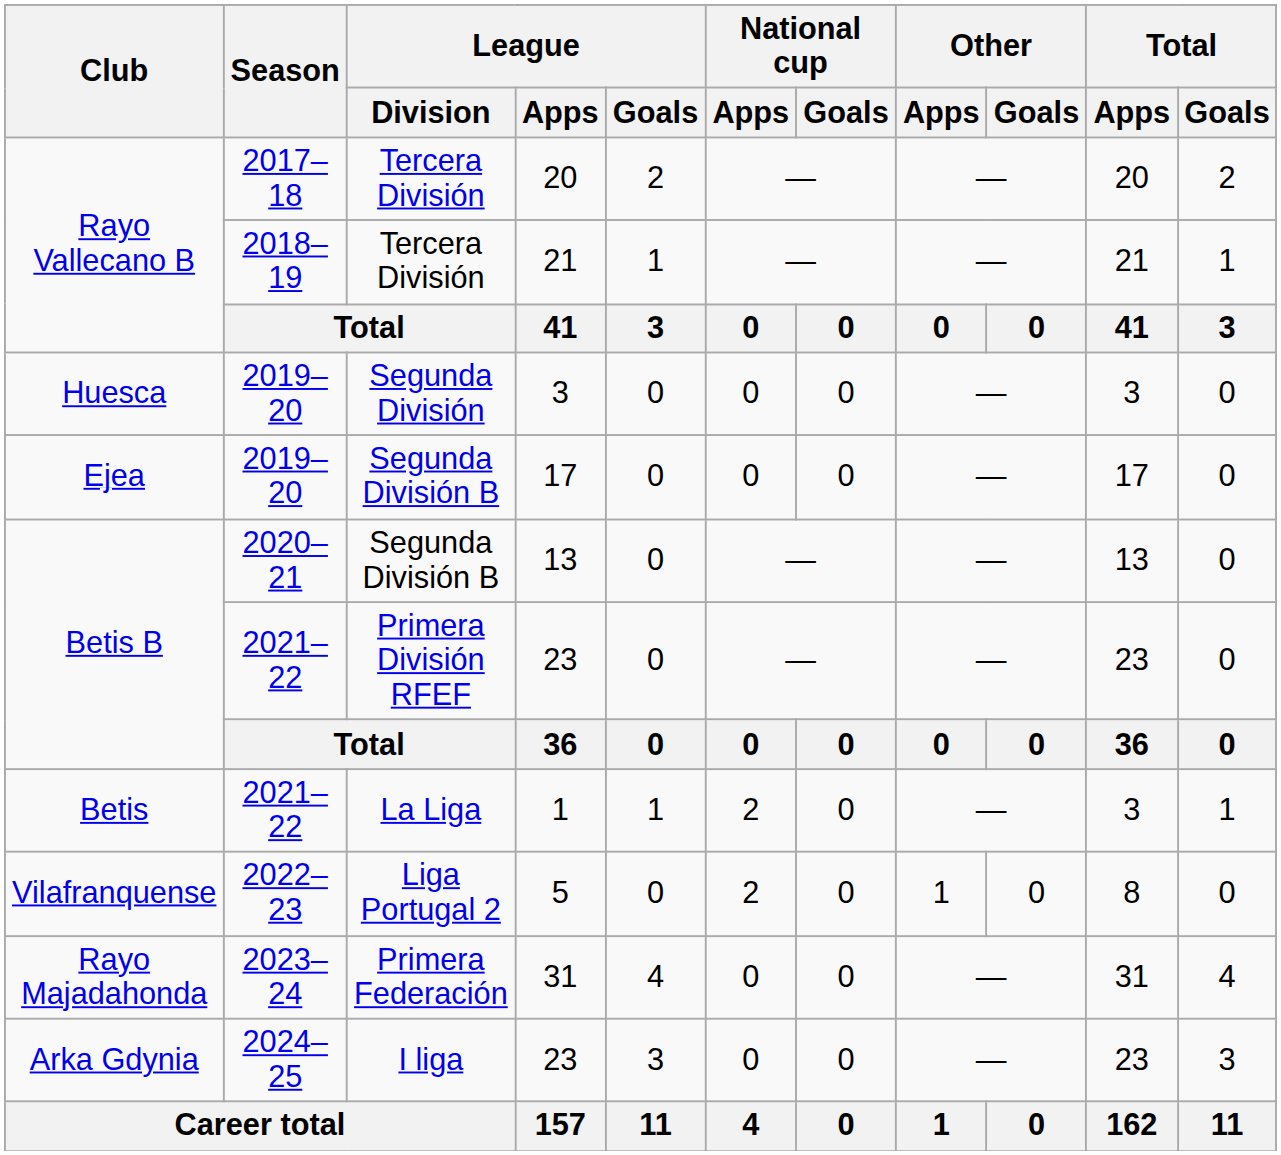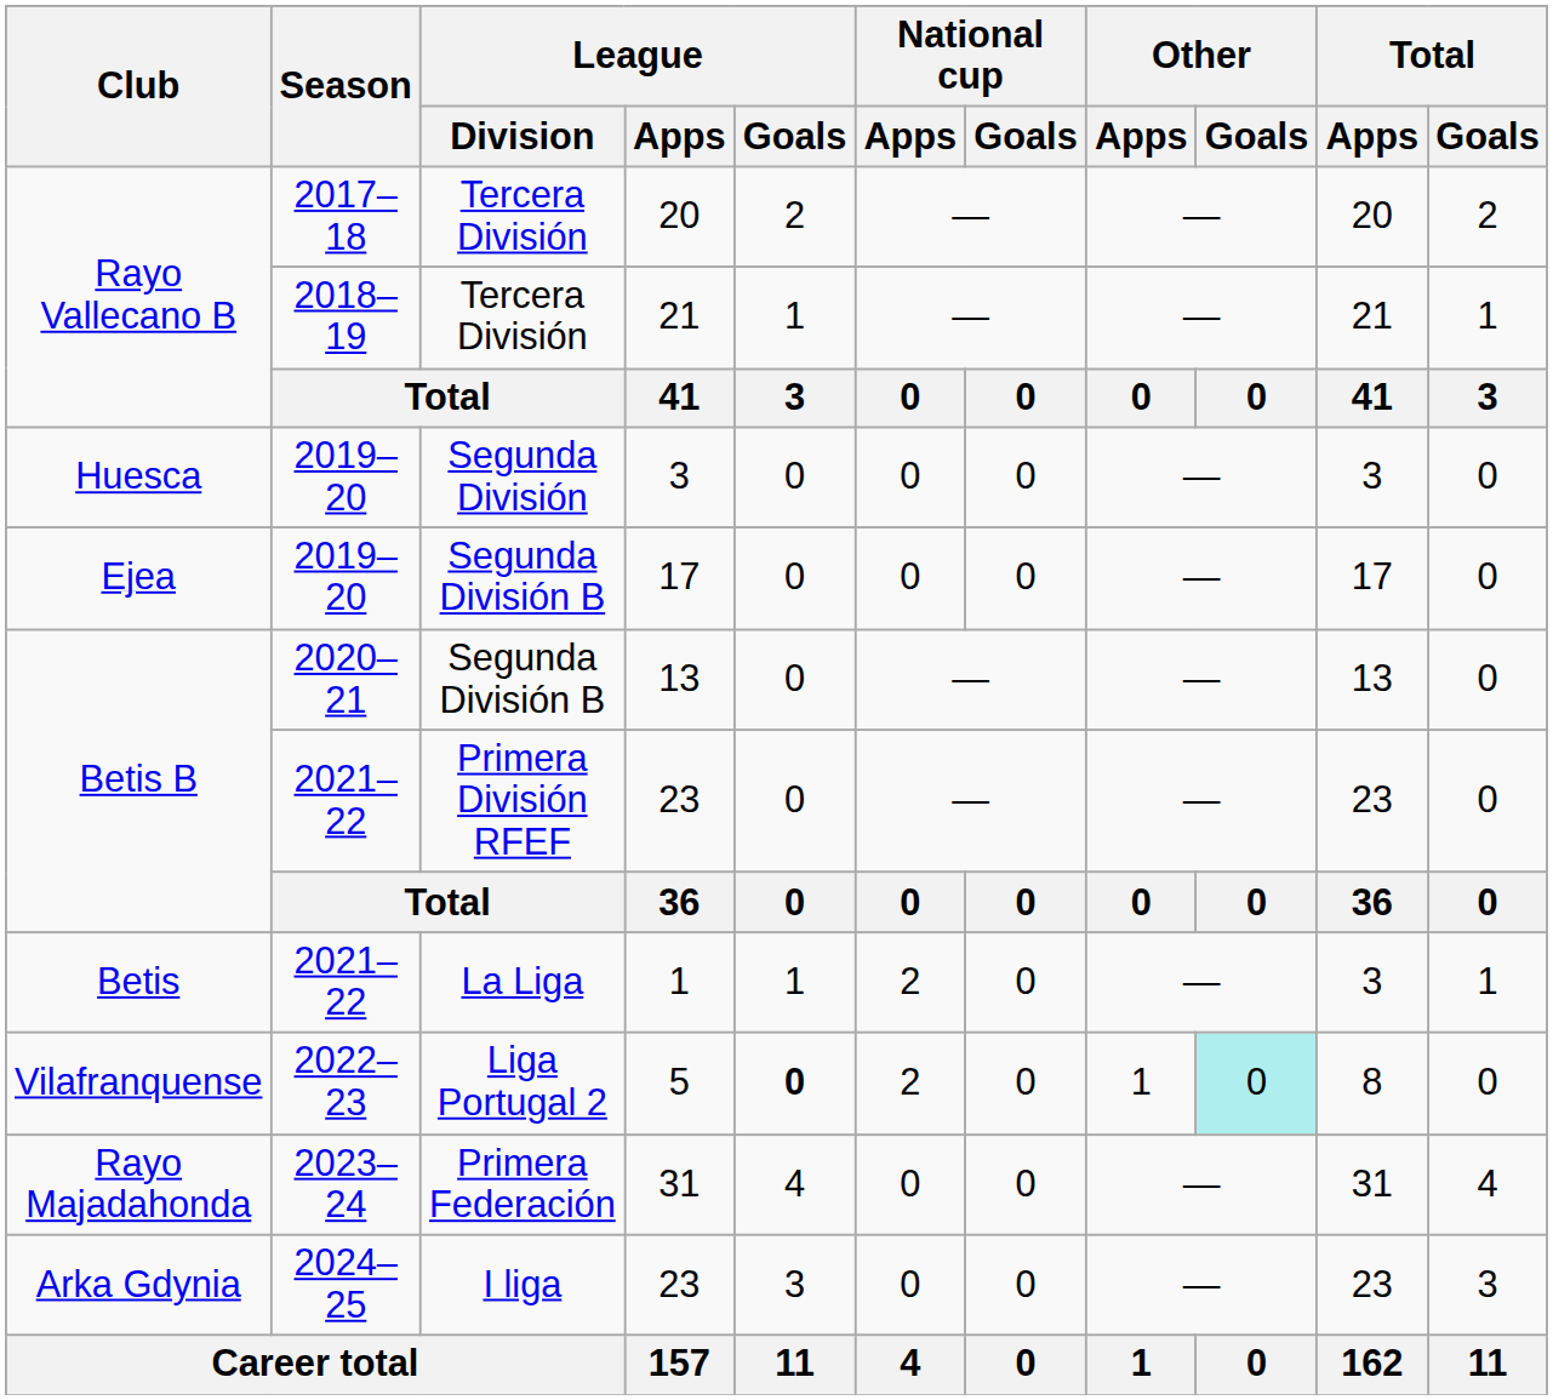 <table class="wikitable" style="text-align:center">
 <tr>
 <th rowspan="2">Club</th>
 <th rowspan="2">Season</th>
 <th colspan="3">League</th>
 <th colspan="2">National cup</th>
 <th colspan="2">Other</th>
 <th colspan="2">Total</th>
 </tr>
 <tr>
 <th>Division</th>
 <th>Apps</th>
 <th>Goals</th>
 <th>Apps</th>
 <th>Goals</th>
 <th>Apps</th>
 <th>Goals</th>
 <th>Apps</th>
 <th>Goals</th>
 </tr>
 <tr>
 <td rowspan="3"><a href='#'>Rayo Vallecano B</a></td>
 <td><a href='#'>2017–18</a></td>
 <td><a href='#'>Tercera División</a></td>
 <td>20</td>
 <td>2</td>
 <td colspan="2">—</td>
 <td colspan="2">—</td>
 <td>20</td>
 <td>2</td>
 </tr>
 <tr>
 <td><a href='#'>2018–19</a></td>
 <td>Tercera División</td>
 <td>21</td>
 <td>1</td>
 <td colspan="2">—</td>
 <td colspan="2">—</td>
 <td>21</td>
 <td>1</td>
 </tr>
 <tr>
 <th colspan="2">Total</th>
 <th>41</th>
 <th>3</th>
 <th>0</th>
 <th>0</th>
 <th>0</th>
 <th>0</th>
 <th>41</th>
 <th>3</th>
 </tr>
 <tr>
 <td><a href='#'>Huesca</a></td>
 <td><a href='#'>2019–20</a></td>
 <td><a href='#'>Segunda División</a></td>
 <td>3</td>
 <td>0</td>
 <td>0</td>
 <td>0</td>
 <td colspan="2">—</td>
 <td>3</td>
 <td>0</td>
 </tr>
 <tr>
 <td><a href='#'>Ejea</a></td>
 <td><a href='#'>2019–20</a></td>
 <td><a href='#'>Segunda División B</a></td>
 <td>17</td>
 <td>0</td>
 <td>0</td>
 <td>0</td>
 <td colspan="2">—</td>
 <td>17</td>
 <td>0</td>
 </tr>
 <tr>
 <td rowspan="3"><a href='#'>Betis B</a></td>
 <td><a href='#'>2020–21</a></td>
 <td>Segunda División B</td>
 <td>13</td>
 <td>0</td>
 <td colspan="2">—</td>
 <td colspan="2">—</td>
 <td>13</td>
 <td>0</td>
 </tr>
 <tr>
 <td><a href='#'>2021–22</a></td>
 <td><a href='#'>Primera División RFEF</a></td>
 <td>23</td>
 <td>0</td>
 <td colspan="2">—</td>
 <td colspan="2">—</td>
 <td>23</td>
 <td>0</td>
 </tr>
 <tr>
 <th colspan="2">Total</th>
 <th>36</th>
 <th>0</th>
 <th>0</th>
 <th>0</th>
 <th>0</th>
 <th>0</th>
 <th>36</th>
 <th>0</th>
 </tr>
 <tr>
 <td><a href='#'>Betis</a></td>
 <td><a href='#'>2021–22</a></td>
 <td><a href='#'>La Liga</a></td>
 <td>1</td>
 <td>1</td>
 <td>2</td>
 <td>0</td>
 <td colspan="2">—</td>
 <td>3</td>
 <td>1</td>
 </tr>
 <tr>
 <td><a href='#'>Vilafranquense</a></td>
 <td><a href='#'>2022–23</a></td>
 <td><a href='#'>Liga Portugal 2</a></td>
 <td>5</td>
-<td>0</td>
+<td><strong>0</strong></td>
 <td>2</td>
 <td>0</td>
 <td>1</td>
-<td>0</td>
+<td style="background: paleturquoise;">0</td>
 <td>8</td>
 <td>0</td>
 </tr>
 <tr>
 <td><a href='#'>Rayo Majadahonda</a></td>
 <td><a href='#'>2023–24</a></td>
 <td><a href='#'>Primera Federación</a></td>
 <td>31</td>
 <td>4</td>
 <td>0</td>
 <td>0</td>
 <td colspan="2">—</td>
 <td>31</td>
 <td>4</td>
 </tr>
 <tr>
 <td><a href='#'>Arka Gdynia</a></td>
 <td><a href='#'>2024–25</a></td>
 <td><a href='#'>I liga</a></td>
 <td>23</td>
 <td>3</td>
 <td>0</td>
 <td>0</td>
 <td colspan="2">—</td>
 <td>23</td>
 <td>3</td>
 </tr>
 <tr>
 <th colspan="3">Career total</th>
 <th>157</th>
 <th>11</th>
 <th>4</th>
 <th>0</th>
 <th>1</th>
 <th>0</th>
 <th>162</th>
 <th>11</th>
 </tr>
 </table>
